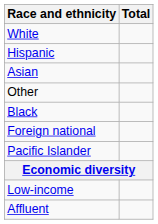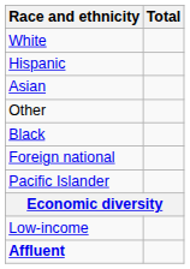 <table class="wikitable floatright sortable collapsible"; text-align:right; font-size:80%;">
 <tr>
 <th>Race and ethnicity</th>
 <th colspan="2" data-sort-type=number>Total</th>
 </tr>
 <tr>
 <td><a href='#'>White</a></td>
 <td align=right></td>
 </tr>
 <tr>
 <td><a href='#'>Hispanic</a></td>
 <td align=right></td>
 </tr>
 <tr>
 <td><a href='#'>Asian</a></td>
 <td align=right></td>
 </tr>
 <tr>
 <td>Other</td>
 <td align=right></td>
 </tr>
 <tr>
 <td><a href='#'>Black</a></td>
 <td align=right></td>
 </tr>
 <tr>
 <td><a href='#'>Foreign national</a></td>
 <td align=right></td>
 </tr>
 <tr>
 <td><a href='#'>Pacific Islander</a></td>
 <td align=right></td>
 </tr>
 <tr>
 <th colspan="4" data-sort-type=number><a href='#'>Economic diversity</a></th>
 </tr>
 <tr>
 <td><a href='#'>Low-income</a></td>
 <td align=right></td>
 </tr>
 <tr>
-<td><a href='#'>Affluent</a></td>
+<td><strong><a href='#'>Affluent</a></strong></td>
 <td align=right></td>
 </tr>
 </table>
